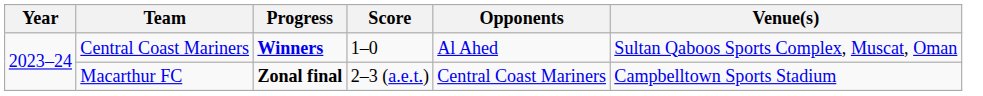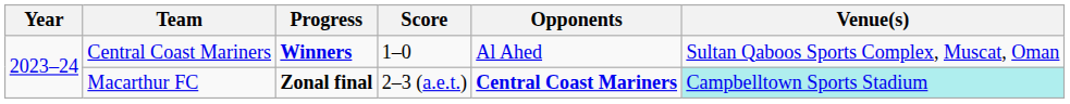 <table class="wikitable Sortable">
 <tr>
 <th>Year</th>
 <th>Team</th>
 <th>Progress</th>
 <th>Score</th>
 <th>Opponents</th>
 <th>Venue(s)</th>
 </tr>
 <tr>
 <td rowspan="2"><a href='#'>2023–24</a></td>
 <td><a href='#'>Central Coast Mariners</a></td>
 <td><strong><a href='#'>Winners</a></strong></td>
 <td>1–0</td>
 <td> <a href='#'>Al Ahed</a></td>
 <td><a href='#'>Sultan Qaboos Sports Complex</a>, <a href='#'>Muscat</a>, <a href='#'>Oman</a></td>
 </tr>
 <tr>
 <td><a href='#'>Macarthur FC</a></td>
 <td><strong>Zonal final</strong></td>
 <td>2–3 (<a href='#'>a.e.t.</a>)</td>
-<td> <a href='#'>Central Coast Mariners</a></td>
-<td><a href='#'>Campbelltown Sports Stadium</a></td>
+<td><strong> <a href='#'>Central Coast Mariners</a></strong></td>
+<td style="background: paleturquoise;"><a href='#'>Campbelltown Sports Stadium</a></td>
 </tr>
 </table>
